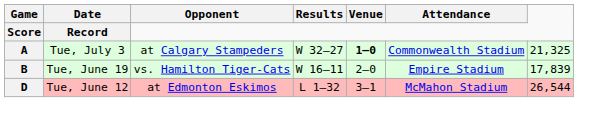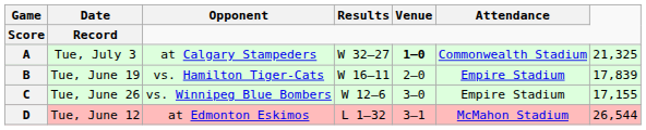 <table class="wikitable" style="text-align:center">
 <tr>
 <th>Game</th>
 <th>Date</th>
 <th>Opponent</th>
 <th>Results</th>
 <th>Venue</th>
 <th>Attendance</th>
 </tr>
 <tr>
 <th>Score</th>
 <th>Record</th>
 </tr>
 <tr style="background:#ddffdd">
 <th>A</th>
 <td>Tue, July 3</td>
 <td>at <a href='#'>Calgary Stampeders</a></td>
 <td>W 32–27</td>
 <td><strong>1–0</strong></td>
 <td><a href='#'>Commonwealth Stadium</a></td>
 <td>21,325</td>
 </tr>
 <tr style="background:#ddffdd">
 <th>B</th>
 <td>Tue, June 19</td>
 <td>vs. <a href='#'>Hamilton Tiger-Cats</a></td>
 <td>W 16–11</td>
 <td>2–0</td>
 <td><a href='#'>Empire Stadium</a></td>
 <td>17,839</td>
 </tr>
+<tr style="background:#ddffdd">
+<th>C</th>
+<td>Tue, June 26</td>
+<td>vs. <a href='#'>Winnipeg Blue Bombers</a></td>
+<td>W 12–6</td>
+<td>3–0</td>
+<td>Empire Stadium</td>
+<td>17,155</td>
+</tr>
 <tr style="background:#ffbbbb">
 <th>D</th>
 <td>Tue, June 12</td>
 <td>at <a href='#'>Edmonton Eskimos</a></td>
 <td>L 1–32</td>
 <td>3–1</td>
 <td><a href='#'>McMahon Stadium</a></td>
 <td>26,544</td>
 </tr>
 </table>
